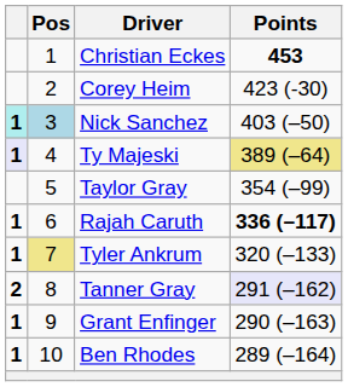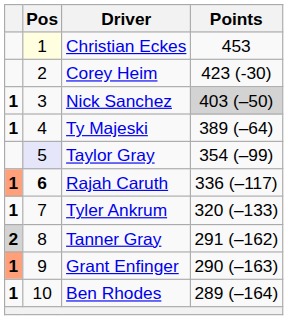 <table class="wikitable" style="font-size: 95%;">
 <tr>
 <th></th>
 <th>Pos</th>
 <th>Driver</th>
 <th>Points</th>
 </tr>
 <tr>
 <td align="left"></td>
-<td style="text-align:center;">1</td>
+<td style="background: lightyellow; text-align:center;">1</td>
 <td><a href='#'>Christian Eckes</a></td>
-<td style="text-align:center;"><strong>453</strong></td>
+<td style="text-align:center;">453</td>
 </tr>
 <tr>
 <td align="left"></td>
 <td style="text-align:center;">2</td>
 <td><a href='#'>Corey Heim</a></td>
 <td style="text-align:center;">423 (-30)</td>
 </tr>
 <tr>
-<td align="left" style="background: paleturquoise;"> <strong>1</strong></td>
-<td style="background: lightblue; text-align:center;">3</td>
+<td align="left"> <strong>1</strong></td>
+<td style="text-align:center;">3</td>
 <td><a href='#'>Nick Sanchez</a></td>
-<td style="text-align:center;">403 (–50)</td>
+<td style="background: lightgrey; text-align:center;">403 (–50)</td>
 </tr>
 <tr>
-<td align="left" style="background: lavender;"> <strong>1</strong></td>
+<td align="left"> <strong>1</strong></td>
 <td style="text-align:center;">4</td>
 <td><a href='#'>Ty Majeski</a></td>
-<td style="background: khaki; text-align:center;">389 (–64)</td>
+<td style="text-align:center;">389 (–64)</td>
 </tr>
 <tr>
 <td align="left"></td>
-<td style="text-align:center;">5</td>
+<td style="background: lavender; text-align:center;">5</td>
 <td><a href='#'>Taylor Gray</a></td>
 <td style="text-align:center;">354 (–99)</td>
 </tr>
 <tr>
-<td align="left"> <strong>1</strong></td>
-<td style="text-align:center;">6</td>
+<td align="left" style="background: lightsalmon;"> <strong>1</strong></td>
+<td style="text-align:center;"><strong>6</strong></td>
 <td><a href='#'>Rajah Caruth</a></td>
-<td style="text-align:center;"><strong>336 (–117)</strong></td>
+<td style="text-align:center;">336 (–117)</td>
 </tr>
 <tr>
 <td align="left"> <strong>1</strong></td>
-<td style="background: khaki; text-align:center;">7</td>
+<td style="text-align:center;">7</td>
 <td><a href='#'>Tyler Ankrum</a></td>
 <td style="text-align:center;">320 (–133)</td>
 </tr>
 <tr>
-<td align="left"> <strong>2</strong></td>
+<td align="left" style="background: lightgrey;"> <strong>2</strong></td>
 <td style="text-align:center;">8</td>
 <td><a href='#'>Tanner Gray</a></td>
-<td style="background: lavender; text-align:center;">291 (–162)</td>
+<td style="text-align:center;">291 (–162)</td>
 </tr>
 <tr>
-<td align="left"> <strong>1</strong></td>
+<td align="left" style="background: lightsalmon;"> <strong>1</strong></td>
 <td style="text-align:center;">9</td>
 <td><a href='#'>Grant Enfinger</a></td>
 <td style="text-align:center;">290 (–163)</td>
 </tr>
 <tr>
 <td align="left"> <strong>1</strong></td>
 <td style="text-align:center;">10</td>
 <td><a href='#'>Ben Rhodes</a></td>
 <td style="text-align:center;">289 (–164)</td>
 </tr>
 <tr class="sortbottom">
 <th colspan="9"></th>
 </tr>
 </table>
